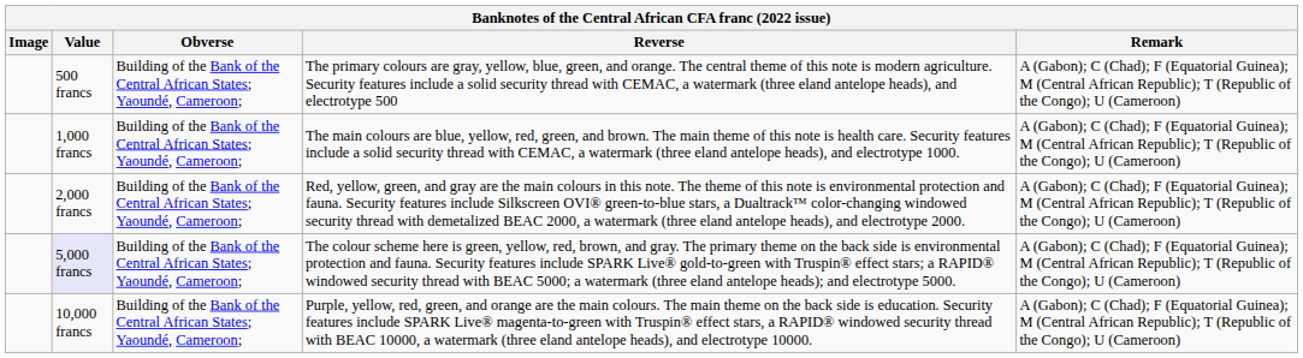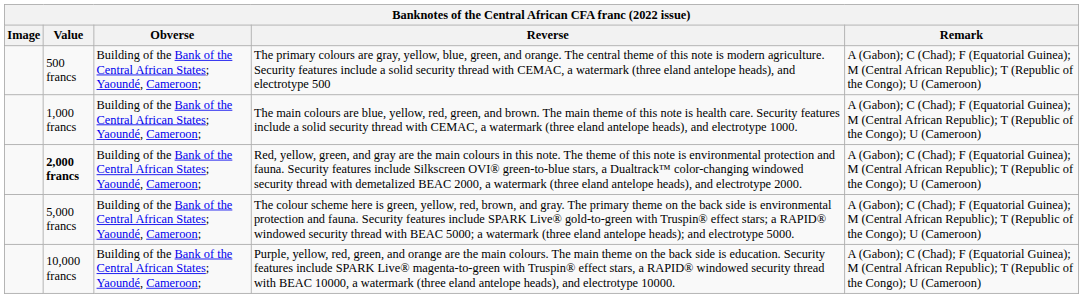 <table class="wikitable" style="font-size: 90%">
 <tr>
 <th colspan="10">Banknotes of the Central African CFA franc (2022 issue)</th>
 </tr>
 <tr>
 <th>Image</th>
 <th>Value</th>
 <th>Obverse</th>
 <th>Reverse</th>
 <th>Remark</th>
 </tr>
 <tr>
 <td></td>
 <td>500 francs</td>
 <td>Building of the <a href='#'>Bank of the Central African States</a>; <a href='#'>Yaoundé</a>, <a href='#'>Cameroon</a>;</td>
 <td>The primary colours are gray, yellow, blue, green, and orange. The central theme of this note is modern agriculture. Security features include a solid security thread with CEMAC, a watermark (three eland antelope heads), and electrotype 500</td>
 <td>A (Gabon); C (Chad); F (Equatorial Guinea); M (Central African Republic); T (Republic of the Congo); U (Cameroon)</td>
 </tr>
 <tr>
 <td></td>
 <td>1,000 francs</td>
 <td>Building of the <a href='#'>Bank of the Central African States</a>; <a href='#'>Yaoundé</a>, <a href='#'>Cameroon</a>;</td>
 <td>The main colours are blue, yellow, red, green, and brown. The main theme of this note is health care. Security features include a solid security thread with CEMAC, a watermark (three eland antelope heads), and electrotype 1000.</td>
 <td>A (Gabon); C (Chad); F (Equatorial Guinea); M (Central African Republic); T (Republic of the Congo); U (Cameroon)</td>
 </tr>
 <tr>
 <td></td>
-<td>2,000 francs</td>
+<td><strong>2,000 francs</strong></td>
 <td>Building of the <a href='#'>Bank of the Central African States</a>; <a href='#'>Yaoundé</a>, <a href='#'>Cameroon</a>;</td>
 <td>Red, yellow, green, and gray are the main colours in this note. The theme of this note is environmental protection and fauna. Security features include Silkscreen OVI® green-to-blue stars, a Dualtrack™ color-changing windowed security thread with demetalized BEAC 2000, a watermark (three eland antelope heads), and electrotype 2000.</td>
 <td>A (Gabon); C (Chad); F (Equatorial Guinea); M (Central African Republic); T (Republic of the Congo); U (Cameroon)</td>
 </tr>
 <tr>
 <td></td>
-<td style="background: lavender;">5,000 francs</td>
+<td>5,000 francs</td>
 <td>Building of the <a href='#'>Bank of the Central African States</a>; <a href='#'>Yaoundé</a>, <a href='#'>Cameroon</a>;</td>
 <td>The colour scheme here is green, yellow, red, brown, and gray. The primary theme on the back side is environmental protection and fauna. Security features include SPARK Live® gold-to-green with Truspin® effect stars; a RAPID® windowed security thread with BEAC 5000; a watermark (three eland antelope heads); and electrotype 5000.</td>
 <td>A (Gabon); C (Chad); F (Equatorial Guinea); M (Central African Republic); T (Republic of the Congo); U (Cameroon)</td>
 </tr>
 <tr>
 <td></td>
 <td>10,000 francs</td>
 <td>Building of the <a href='#'>Bank of the Central African States</a>; <a href='#'>Yaoundé</a>, <a href='#'>Cameroon</a>;</td>
 <td>Purple, yellow, red, green, and orange are the main colours. The main theme on the back side is education. Security features include SPARK Live® magenta-to-green with Truspin® effect stars, a RAPID® windowed security thread with BEAC 10000, a watermark (three eland antelope heads), and electrotype 10000.</td>
 <td>A (Gabon); C (Chad); F (Equatorial Guinea); M (Central African Republic); T (Republic of the Congo); U (Cameroon)</td>
 </tr>
 </table>
